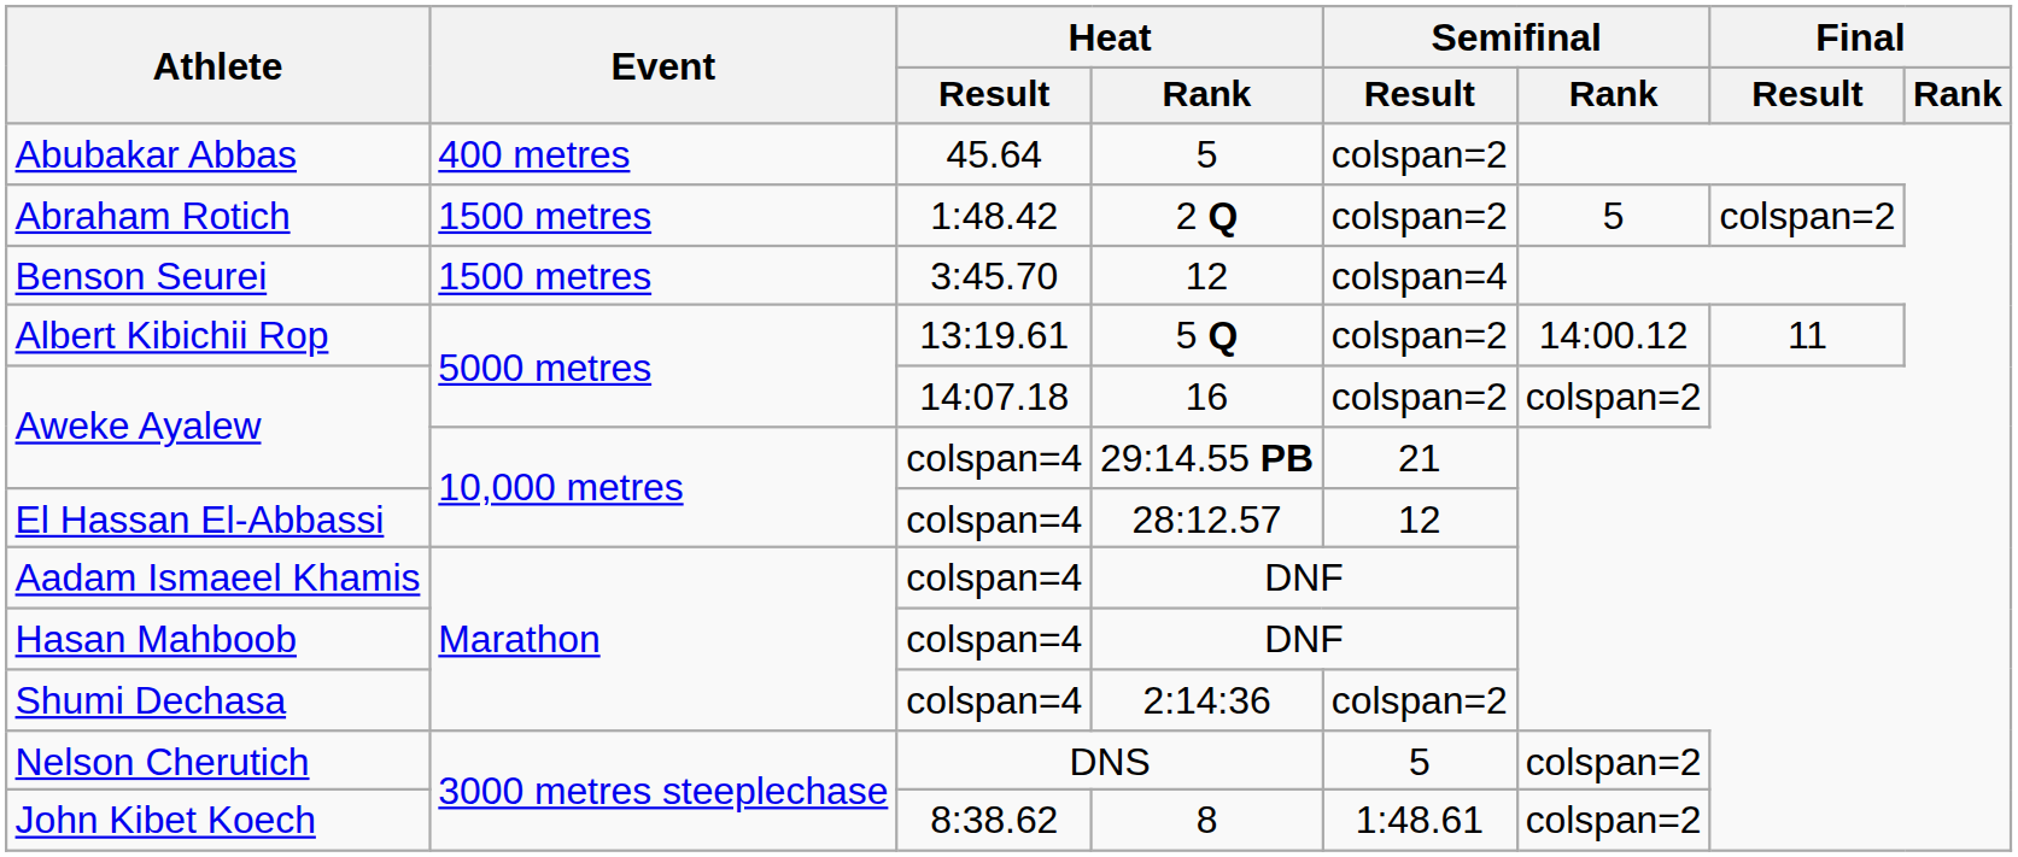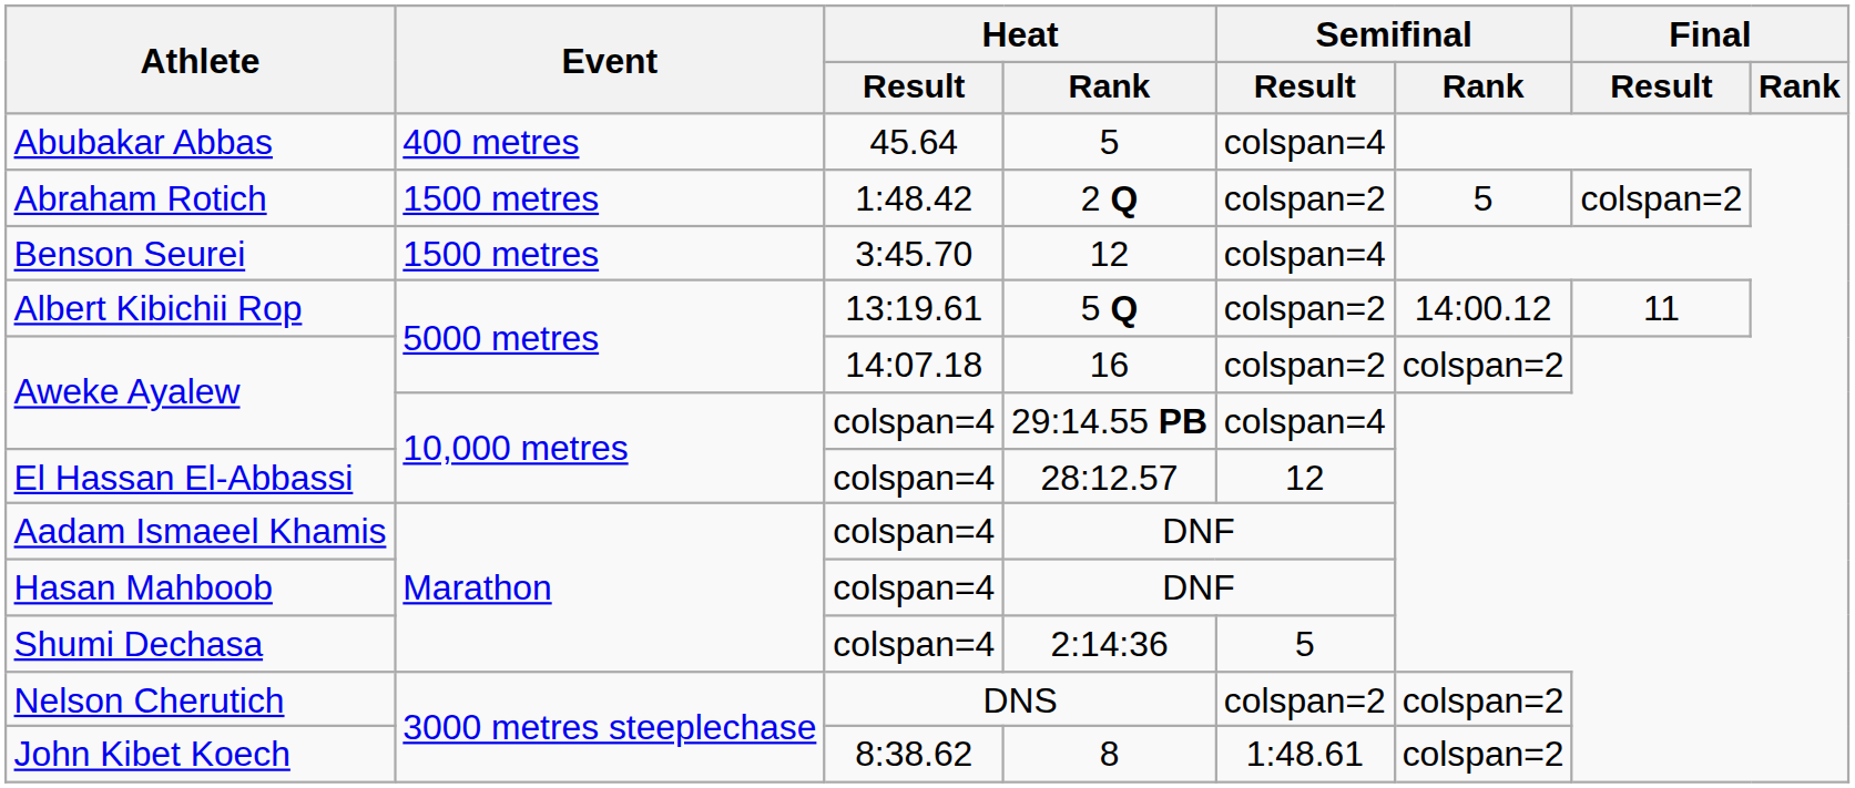 <table class="wikitable" style="font-size:90%">
 <tr>
 <th rowspan="2">Athlete</th>
 <th rowspan="2">Event</th>
 <th colspan="2">Heat</th>
 <th colspan="2">Semifinal</th>
 <th colspan="2">Final</th>
 </tr>
 <tr style="font-size:95%">
 <th>Result</th>
 <th>Rank</th>
 <th>Result</th>
 <th>Rank</th>
 <th>Result</th>
 <th>Rank</th>
 </tr>
 <tr style=text-align:center>
 <td style=text-align:left><a href='#'>Abubakar Abbas</a></td>
 <td style=text-align:left><a href='#'>400 metres</a></td>
 <td>45.64</td>
 <td>5</td>
-<td>colspan=2 </td>
+<td>colspan=4 </td>
 </tr>
 <tr style=text-align:center>
 <td style=text-align:left><a href='#'>Abraham Rotich</a></td>
 <td style=text-align:left><a href='#'>1500 metres</a></td>
 <td>1:48.42</td>
 <td>2 <strong>Q</strong></td>
 <td>colspan=2 </td>
 <td>5</td>
 <td>colspan=2 </td>
 </tr>
 <tr style=text-align:center>
 <td style=text-align:left><a href='#'>Benson Seurei</a></td>
 <td style=text-align:left><a href='#'>1500 metres</a></td>
 <td>3:45.70</td>
 <td>12</td>
 <td>colspan=4 </td>
 </tr>
 <tr style=text-align:center>
 <td style=text-align:left><a href='#'>Albert Kibichii Rop</a></td>
 <td style=text-align:left rowspan=2><a href='#'>5000 metres</a></td>
 <td>13:19.61</td>
 <td>5 <strong>Q</strong></td>
 <td>colspan=2 </td>
 <td>14:00.12</td>
 <td>11</td>
 </tr>
 <tr style=text-align:center>
 <td style=text-align:left rowspan=2><a href='#'>Aweke Ayalew</a></td>
 <td>14:07.18</td>
 <td>16</td>
 <td>colspan=2 </td>
 <td>colspan=2 </td>
 </tr>
 <tr style=text-align:center>
 <td style=text-align:left rowspan=2><a href='#'>10,000 metres</a></td>
 <td>colspan=4 </td>
 <td>29:14.55 <strong>PB</strong></td>
-<td>21</td>
+<td>colspan=4 </td>
 </tr>
 <tr style=text-align:center>
 <td style=text-align:left><a href='#'>El Hassan El-Abbassi</a></td>
 <td>colspan=4 </td>
 <td>28:12.57</td>
 <td>12</td>
 </tr>
 <tr style=text-align:center>
 <td style=text-align:left><a href='#'>Aadam Ismaeel Khamis</a></td>
 <td style=text-align:left rowspan=3><a href='#'>Marathon</a></td>
 <td>colspan=4 </td>
 <td colspan=2>DNF</td>
 </tr>
 <tr style=text-align:center>
 <td style=text-align:left><a href='#'>Hasan Mahboob</a></td>
 <td>colspan=4 </td>
 <td colspan=2>DNF</td>
 </tr>
 <tr style=text-align:center>
 <td style=text-align:left><a href='#'>Shumi Dechasa</a></td>
 <td>colspan=4 </td>
 <td>2:14:36</td>
-<td>colspan=2 </td>
+<td>5</td>
 </tr>
 <tr style=text-align:center>
 <td style=text-align:left><a href='#'>Nelson Cherutich</a></td>
 <td style=text-align:left rowspan=2><a href='#'>3000 metres steeplechase</a></td>
 <td colspan=2>DNS</td>
-<td>5</td>
+<td>colspan=2 </td>
 <td>colspan=2 </td>
 </tr>
 <tr style=text-align:center>
 <td style=text-align:left><a href='#'>John Kibet Koech</a></td>
 <td>8:38.62</td>
 <td>8</td>
 <td>1:48.61</td>
 <td>colspan=2 </td>
 </tr>
 </table>
